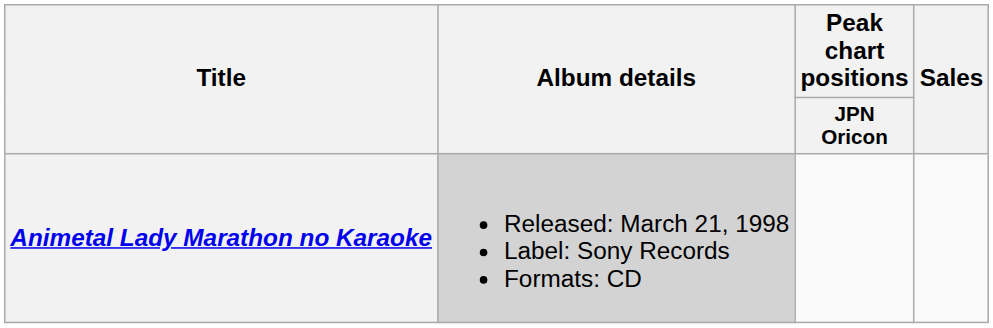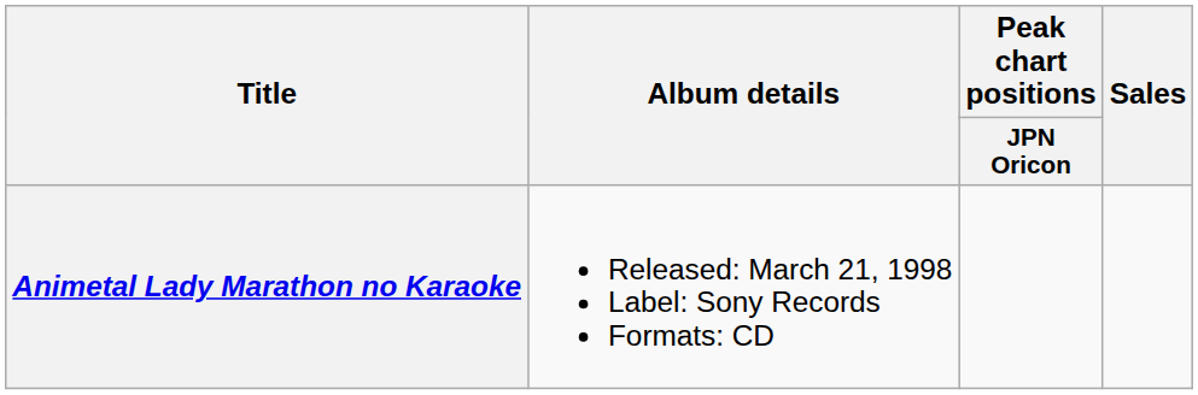 <table class="wikitable plainrowheaders">
 <tr>
 <th scope="col" rowspan="2">Title</th>
 <th scope="col" rowspan="2">Album details</th>
 <th scope="col">Peak chart positions</th>
 <th scope="col" rowspan="2">Sales<br></th>
 </tr>
 <tr>
 <th scope="col" style="width:4em;font-size:85%">JPN<br>Oricon<br></th>
 </tr>
 <tr>
 <th scope="row"><em><a href='#'>Animetal Lady Marathon no Karaoke</a></em></th>
-<td style="background: lightgrey;"><br><ul><li>Released: March 21, 1998</li><li>Label: Sony Records</li><li>Formats: CD</li></ul></td>
+<td><br><ul><li>Released: March 21, 1998</li><li>Label: Sony Records</li><li>Formats: CD</li></ul></td>
 <td align="center"></td>
 <td></td>
 </tr>
 </table>
